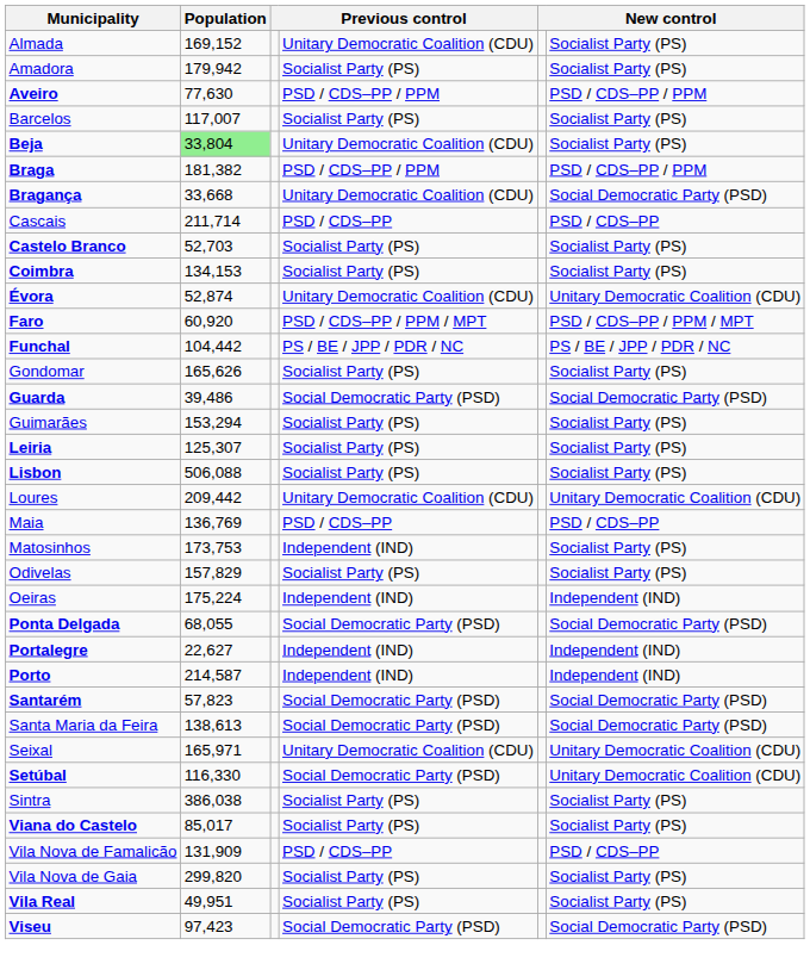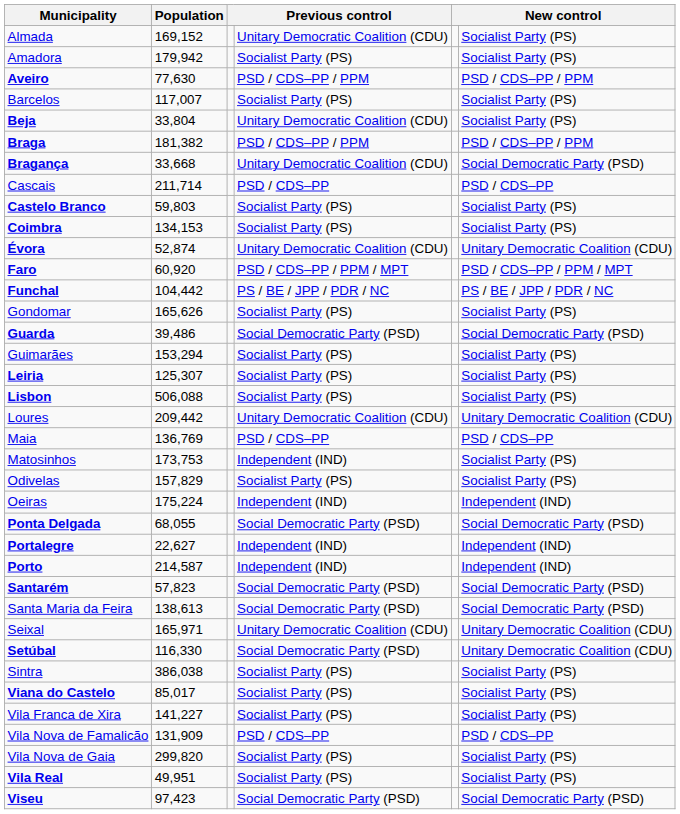 <table class="wikitable sortable" style="font-size:95%;">
 <tr>
 <th>Municipality</th>
 <th>Population</th>
 <th colspan="2" style="width:200px;">Previous control</th>
 <th colspan="2" style="width:200px;">New control</th>
 </tr>
 <tr>
 <td><a href='#'>Almada</a></td>
 <td>169,152</td>
 <td width="1" style="color:inherit;background:"></td>
 <td><a href='#'>Unitary Democratic Coalition</a> (CDU)</td>
 <td width="1" style="color:inherit;background:"></td>
 <td><a href='#'>Socialist Party</a> (PS)</td>
 </tr>
 <tr>
 <td><a href='#'>Amadora</a></td>
 <td>179,942</td>
 <td width="1" style="color:inherit;background:"></td>
 <td><a href='#'>Socialist Party</a> (PS)</td>
 <td width="1" style="color:inherit;background:"></td>
 <td><a href='#'>Socialist Party</a> (PS)</td>
 </tr>
 <tr>
 <td><a href='#'><strong>Aveiro</strong></a></td>
 <td>77,630</td>
 <td width="1" style="color:inherit;background:"></td>
 <td><a href='#'>PSD</a> / <a href='#'>CDS–PP</a> / <a href='#'>PPM</a></td>
 <td width="1" style="color:inherit;background:"></td>
 <td><a href='#'>PSD</a> / <a href='#'>CDS–PP</a> / <a href='#'>PPM</a></td>
 </tr>
 <tr>
 <td><a href='#'>Barcelos</a></td>
 <td>117,007</td>
 <td width="1" style="color:inherit;background:"></td>
 <td><a href='#'>Socialist Party</a> (PS)</td>
 <td width="1" style="color:inherit;background:"></td>
 <td><a href='#'>Socialist Party</a> (PS)</td>
 </tr>
 <tr>
 <td><a href='#'><strong>Beja</strong></a></td>
-<td style="background: lightgreen;">33,804</td>
+<td>33,804</td>
 <td width="1" style="color:inherit;background:"></td>
 <td><a href='#'>Unitary Democratic Coalition</a> (CDU)</td>
 <td width="1" style="color:inherit;background:"></td>
 <td><a href='#'>Socialist Party</a> (PS)</td>
 </tr>
 <tr>
 <td><strong><a href='#'>Braga</a></strong></td>
 <td>181,382</td>
 <td width="1" style="color:inherit;background:"></td>
 <td><a href='#'>PSD</a> / <a href='#'>CDS–PP</a> / <a href='#'>PPM</a></td>
 <td width="1" style="color:inherit;background:"></td>
 <td><a href='#'>PSD</a> / <a href='#'>CDS–PP</a> / <a href='#'>PPM</a></td>
 </tr>
 <tr>
 <td><a href='#'><strong>Bragança</strong></a></td>
 <td>33,668</td>
 <td width="1" style="color:inherit;background:"></td>
 <td><a href='#'>Unitary Democratic Coalition</a> (CDU)</td>
 <td width="1" style="color:inherit;background:"></td>
 <td><a href='#'>Social Democratic Party</a> (PSD)</td>
 </tr>
 <tr>
 <td><a href='#'>Cascais</a></td>
 <td>211,714</td>
 <td width="1" style="color:inherit;background:"></td>
 <td><a href='#'>PSD</a> / <a href='#'>CDS–PP</a></td>
 <td width="1" style="color:inherit;background:"></td>
 <td><a href='#'>PSD</a> / <a href='#'>CDS–PP</a></td>
 </tr>
 <tr>
 <td><a href='#'><strong>Castelo Branco</strong></a></td>
-<td>52,703</td>
+<td>59,803</td>
 <td width="1" style="color:inherit;background:"></td>
 <td><a href='#'>Socialist Party</a> (PS)</td>
 <td width="1" style="color:inherit;background:"></td>
 <td><a href='#'>Socialist Party</a> (PS)</td>
 </tr>
 <tr>
 <td><strong><a href='#'>Coimbra</a></strong></td>
 <td>134,153</td>
 <td width="1" style="color:inherit;background:"></td>
 <td><a href='#'>Socialist Party</a> (PS)</td>
 <td width="1" style="color:inherit;background:"></td>
 <td><a href='#'>Socialist Party</a> (PS)</td>
 </tr>
 <tr>
 <td><strong><a href='#'>Évora</a></strong></td>
 <td>52,874</td>
 <td width="1" style="color:inherit;background:"></td>
 <td><a href='#'>Unitary Democratic Coalition</a> (CDU)</td>
 <td width="1" style="color:inherit;background:"></td>
 <td><a href='#'>Unitary Democratic Coalition</a> (CDU)</td>
 </tr>
 <tr>
 <td><a href='#'><strong>Faro</strong></a></td>
 <td>60,920</td>
 <td width="1" style="color:inherit;background:"></td>
 <td><a href='#'>PSD</a> / <a href='#'>CDS–PP</a> / <a href='#'>PPM</a> / <a href='#'>MPT</a></td>
 <td width="1" style="color:inherit;background:"></td>
 <td><a href='#'>PSD</a> / <a href='#'>CDS–PP</a> / <a href='#'>PPM</a> / <a href='#'>MPT</a></td>
 </tr>
 <tr>
 <td><strong><a href='#'>Funchal</a></strong></td>
 <td>104,442</td>
 <td width="1" style="color:inherit;background:"></td>
 <td><a href='#'>PS</a> / <a href='#'>BE</a> / <a href='#'>JPP</a> / <a href='#'>PDR</a> / <a href='#'>NC</a></td>
 <td width="1" style="color:inherit;background:"></td>
 <td><a href='#'>PS</a> / <a href='#'>BE</a> / <a href='#'>JPP</a> / <a href='#'>PDR</a> / <a href='#'>NC</a></td>
 </tr>
 <tr>
 <td><a href='#'>Gondomar</a></td>
 <td>165,626</td>
 <td width="1" style="color:inherit;background:"></td>
 <td><a href='#'>Socialist Party</a> (PS)</td>
 <td width="1" style="color:inherit;background:"></td>
 <td><a href='#'>Socialist Party</a> (PS)</td>
 </tr>
 <tr>
 <td><a href='#'><strong>Guarda</strong></a></td>
 <td>39,486</td>
 <td width="1" style="color:inherit;background:"></td>
 <td><a href='#'>Social Democratic Party</a> (PSD)</td>
 <td width="1" style="color:inherit;background:"></td>
 <td><a href='#'>Social Democratic Party</a> (PSD)</td>
 </tr>
 <tr>
 <td><a href='#'>Guimarães</a></td>
 <td>153,294</td>
 <td width="1" style="color:inherit;background:"></td>
 <td><a href='#'>Socialist Party</a> (PS)</td>
 <td width="1" style="color:inherit;background:"></td>
 <td><a href='#'>Socialist Party</a> (PS)</td>
 </tr>
 <tr>
 <td><strong><a href='#'>Leiria</a></strong></td>
 <td>125,307</td>
 <td width="1" style="color:inherit;background:"></td>
 <td><a href='#'>Socialist Party</a> (PS)</td>
 <td width="1" style="color:inherit;background:"></td>
 <td><a href='#'>Socialist Party</a> (PS)</td>
 </tr>
 <tr>
 <td><a href='#'><strong>Lisbon</strong></a></td>
 <td>506,088</td>
 <td width="1" style="color:inherit;background:"></td>
 <td><a href='#'>Socialist Party</a> (PS)</td>
 <td width="1" style="color:inherit;background:"></td>
 <td><a href='#'>Socialist Party</a> (PS)</td>
 </tr>
 <tr>
 <td><a href='#'>Loures</a></td>
 <td>209,442</td>
 <td width="1" style="color:inherit;background:"></td>
 <td><a href='#'>Unitary Democratic Coalition</a> (CDU)</td>
 <td width="1" style="color:inherit;background:"></td>
 <td><a href='#'>Unitary Democratic Coalition</a> (CDU)</td>
 </tr>
 <tr>
 <td><a href='#'>Maia</a></td>
 <td>136,769</td>
 <td width="1" style="color:inherit;background:"></td>
 <td><a href='#'>PSD</a> / <a href='#'>CDS–PP</a></td>
 <td width="1" style="color:inherit;background:"></td>
 <td><a href='#'>PSD</a> / <a href='#'>CDS–PP</a></td>
 </tr>
 <tr>
 <td><a href='#'>Matosinhos</a></td>
 <td>173,753</td>
 <td width="1" style="color:inherit;background:"></td>
 <td><a href='#'>Independent</a> (IND)</td>
 <td width="1" style="color:inherit;background:"></td>
 <td><a href='#'>Socialist Party</a> (PS)</td>
 </tr>
 <tr>
 <td><a href='#'>Odivelas</a></td>
 <td>157,829</td>
 <td width="1" style="color:inherit;background:"></td>
 <td><a href='#'>Socialist Party</a> (PS)</td>
 <td width="1" style="color:inherit;background:"></td>
 <td><a href='#'>Socialist Party</a> (PS)</td>
 </tr>
 <tr>
 <td><a href='#'>Oeiras</a></td>
 <td>175,224</td>
 <td width="1" style="color:inherit;background:"></td>
 <td><a href='#'>Independent</a> (IND)</td>
 <td width="1" style="color:inherit;background:"></td>
 <td><a href='#'>Independent</a> (IND)</td>
 </tr>
 <tr>
 <td><strong><a href='#'>Ponta Delgada</a></strong></td>
 <td>68,055</td>
 <td width="1" style="color:inherit;background:"></td>
 <td><a href='#'>Social Democratic Party</a> (PSD)</td>
 <td width="1" style="color:inherit;background:"></td>
 <td><a href='#'>Social Democratic Party</a> (PSD)</td>
 </tr>
 <tr>
 <td><a href='#'><strong>Portalegre</strong></a></td>
 <td>22,627</td>
 <td width="1" style="color:inherit;background:"></td>
 <td><a href='#'>Independent</a> (IND)</td>
 <td width="1" style="color:inherit;background:"></td>
 <td><a href='#'>Independent</a> (IND)</td>
 </tr>
 <tr>
 <td><strong><a href='#'>Porto</a></strong></td>
 <td>214,587</td>
 <td width="1" style="color:inherit;background:"></td>
 <td><a href='#'>Independent</a> (IND)</td>
 <td width="1" style="color:inherit;background:"></td>
 <td><a href='#'>Independent</a> (IND)</td>
 </tr>
 <tr>
 <td><a href='#'><strong>Santarém</strong></a></td>
 <td>57,823</td>
 <td width="1" style="color:inherit;background:"></td>
 <td><a href='#'>Social Democratic Party</a> (PSD)</td>
 <td width="1" style="color:inherit;background:"></td>
 <td><a href='#'>Social Democratic Party</a> (PSD)</td>
 </tr>
 <tr>
 <td><a href='#'>Santa Maria da Feira</a></td>
 <td>138,613</td>
 <td width="1" style="color:inherit;background:"></td>
 <td><a href='#'>Social Democratic Party</a> (PSD)</td>
 <td width="1" style="color:inherit;background:"></td>
 <td><a href='#'>Social Democratic Party</a> (PSD)</td>
 </tr>
 <tr>
 <td><a href='#'>Seixal</a></td>
 <td>165,971</td>
 <td width="1" style="color:inherit;background:"></td>
 <td><a href='#'>Unitary Democratic Coalition</a> (CDU)</td>
 <td width="1" style="color:inherit;background:"></td>
 <td><a href='#'>Unitary Democratic Coalition</a> (CDU)</td>
 </tr>
 <tr>
 <td><strong><a href='#'>Setúbal</a></strong></td>
 <td>116,330</td>
 <td width="1" style="color:inherit;background:"></td>
 <td><a href='#'>Social Democratic Party</a> (PSD)</td>
 <td width="1" style="color:inherit;background:"></td>
 <td><a href='#'>Unitary Democratic Coalition</a> (CDU)</td>
 </tr>
 <tr>
 <td><a href='#'>Sintra</a></td>
 <td>386,038</td>
 <td width="1" style="color:inherit;background:"></td>
 <td><a href='#'>Socialist Party</a> (PS)</td>
 <td width="1" style="color:inherit;background:"></td>
 <td><a href='#'>Socialist Party</a> (PS)</td>
 </tr>
 <tr>
 <td><strong><a href='#'>Viana do Castelo</a></strong></td>
 <td>85,017</td>
 <td width="1" style="color:inherit;background:"></td>
 <td><a href='#'>Socialist Party</a> (PS)</td>
 <td width="1" style="color:inherit;background:"></td>
 <td><a href='#'>Socialist Party</a> (PS)</td>
 </tr>
 <tr>
+<td><a href='#'>Vila Franca de Xira</a></td>
+<td>141,227</td>
+<td width="1" style="color:inherit;background:"></td>
+<td><a href='#'>Socialist Party</a> (PS)</td>
+<td width="1" style="color:inherit;background:"></td>
+<td><a href='#'>Socialist Party</a> (PS)</td>
+</tr>
+<tr>
 <td><a href='#'>Vila Nova de Famalicão</a></td>
 <td>131,909</td>
 <td width="1" style="color:inherit;background:"></td>
 <td><a href='#'>PSD</a> / <a href='#'>CDS–PP</a></td>
 <td width="1" style="color:inherit;background:"></td>
 <td><a href='#'>PSD</a> / <a href='#'>CDS–PP</a></td>
 </tr>
 <tr>
 <td><a href='#'>Vila Nova de Gaia</a></td>
 <td>299,820</td>
 <td width="1" style="color:inherit;background:"></td>
 <td><a href='#'>Socialist Party</a> (PS)</td>
 <td width="1" style="color:inherit;background:"></td>
 <td><a href='#'>Socialist Party</a> (PS)</td>
 </tr>
 <tr>
 <td><strong><a href='#'>Vila Real</a></strong></td>
 <td>49,951</td>
 <td width="1" style="color:inherit;background:"></td>
 <td><a href='#'>Socialist Party</a> (PS)</td>
 <td width="1" style="color:inherit;background:"></td>
 <td><a href='#'>Socialist Party</a> (PS)</td>
 </tr>
 <tr>
 <td><strong><a href='#'>Viseu</a></strong></td>
 <td>97,423</td>
 <td width="1" style="color:inherit;background:"></td>
 <td><a href='#'>Social Democratic Party</a> (PSD)</td>
 <td width="1" style="color:inherit;background:"></td>
 <td><a href='#'>Social Democratic Party</a> (PSD)</td>
 </tr>
 </table>
